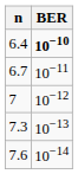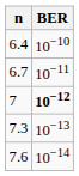 <table class="wikitable" align="right" style="margin-left:10px">
 <tr>
 <th>n</th>
 <th>BER</th>
 </tr>
 <tr>
 <td>6.4</td>
-<td><strong>10<sup>−10</sup></strong></td>
+<td>10<sup>−10</sup></td>
 </tr>
 <tr>
 <td>6.7</td>
 <td>10<sup>−11</sup></td>
 </tr>
 <tr>
 <td>7</td>
-<td>10<sup>−12</sup></td>
+<td><strong>10<sup>−12</sup></strong></td>
 </tr>
 <tr>
 <td>7.3</td>
 <td>10<sup>−13</sup></td>
 </tr>
 <tr>
 <td>7.6</td>
 <td>10<sup>−14</sup></td>
 </tr>
 </table>
